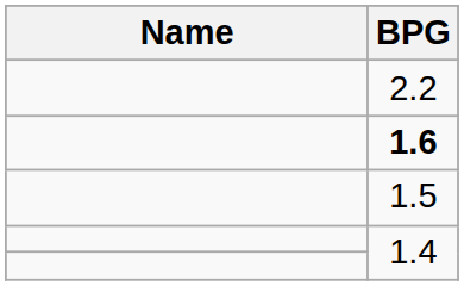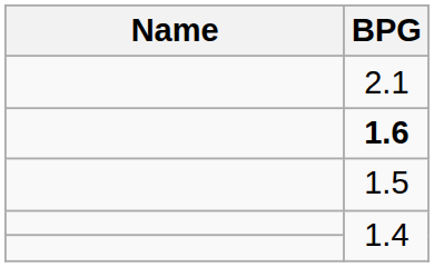 <table class=wikitable>
 <tr>
 <th>Name</th>
 <th width="20%">BPG</th>
 </tr>
 <tr>
 <td></td>
-<td align=center>2.2</td>
+<td align=center>2.1</td>
 </tr>
 <tr>
 <td></td>
 <td align=center><strong>1.6</strong></td>
 </tr>
 <tr>
 <td></td>
 <td align=center>1.5</td>
 </tr>
 <tr>
 <td></td>
 <td align=center rowspan=2>1.4</td>
 </tr>
 <tr>
 <td></td>
 </tr>
 </table>
